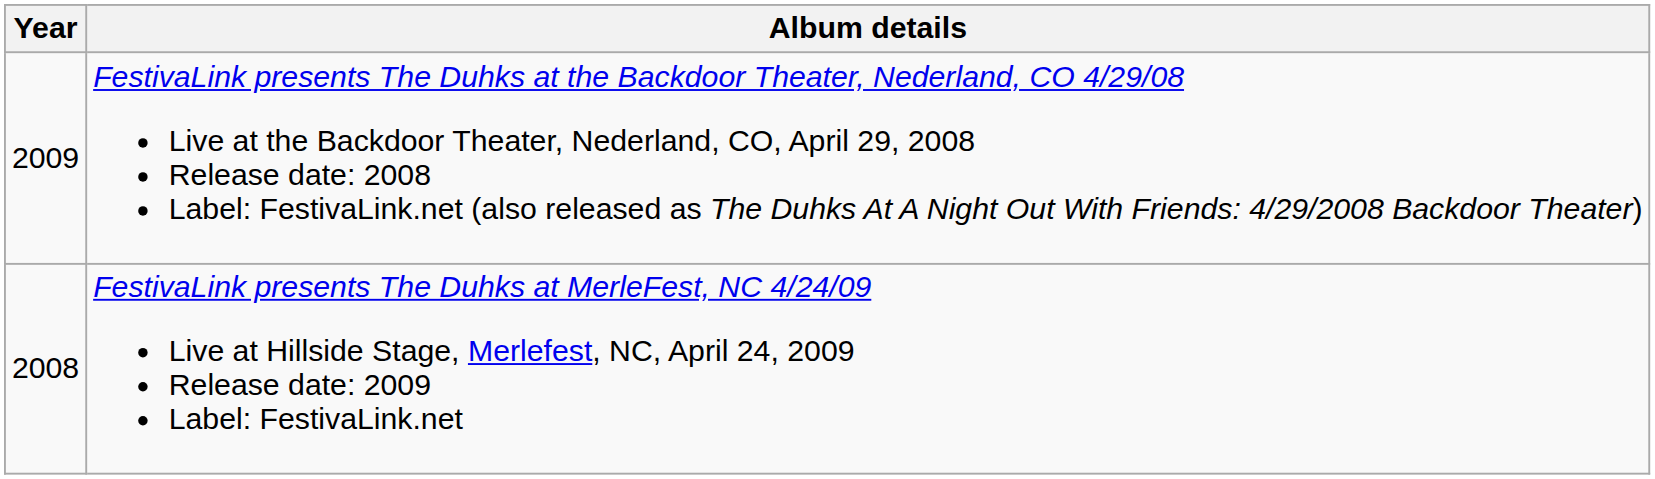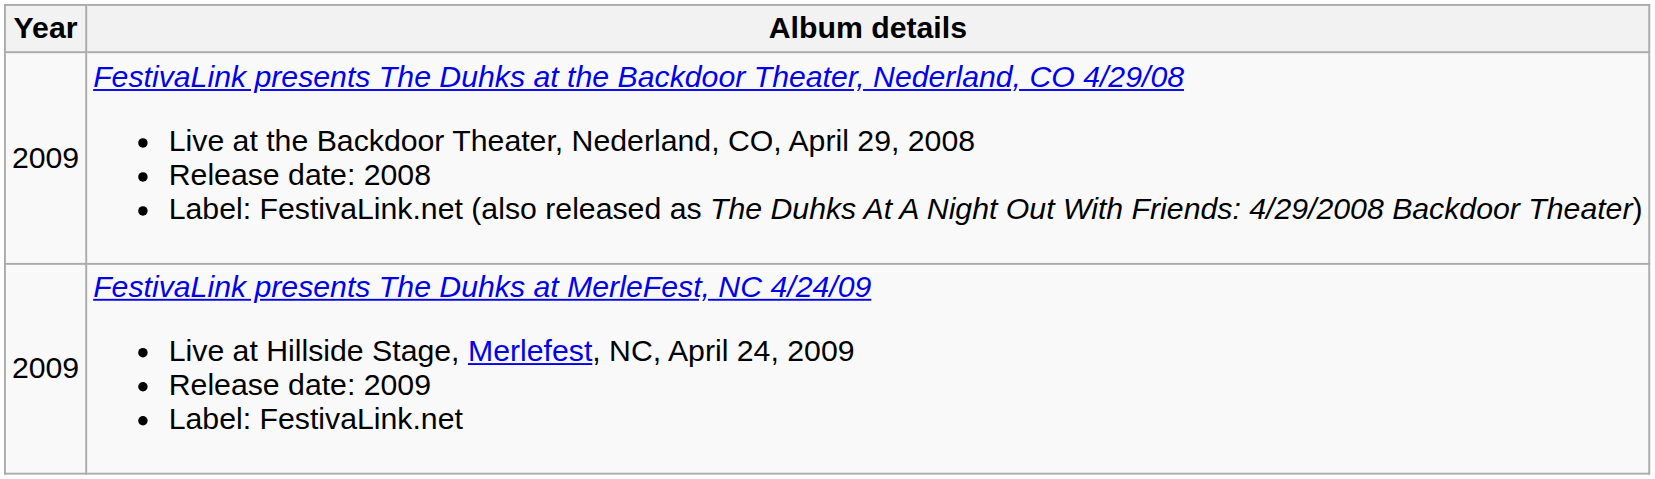 <table class="wikitable" style="text-align:center;">
 <tr>
 <th>Year</th>
 <th>Album details</th>
 </tr>
 <tr>
 <td>2009</td>
 <td style="text-align:left;"><em><a href='#'>FestivaLink presents The Duhks at the Backdoor Theater, Nederland, CO 4/29/08</a></em><br><ul><li>Live at the Backdoor Theater, Nederland, CO, April 29, 2008</li><li>Release date: 2008</li><li>Label: FestivaLink.net (also released as <em>The Duhks At A Night Out With Friends: 4/29/2008 Backdoor Theater</em>)</li></ul></td>
 </tr>
 <tr>
-<td>2008</td>
+<td>2009</td>
 <td style="text-align:left;"><em><a href='#'>FestivaLink presents The Duhks at MerleFest, NC 4/24/09</a></em><br><ul><li>Live at Hillside Stage, <a href='#'>Merlefest</a>, NC, April 24, 2009</li><li>Release date: 2009</li><li>Label: FestivaLink.net</li></ul></td>
 </tr>
 </table>
